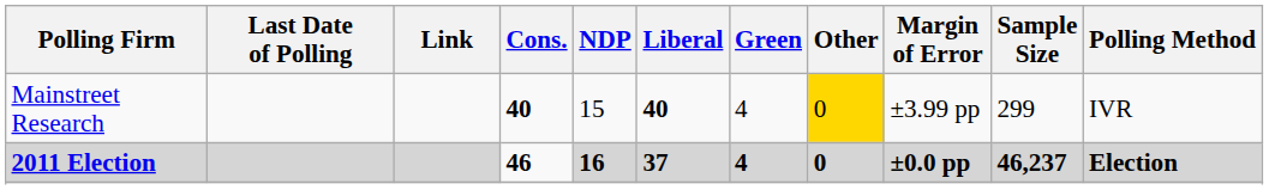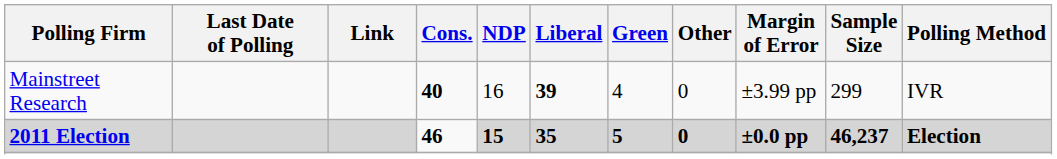 <table class="wikitable sortable">
 <tr style="background:#e9e9e9;">
 <th style="width:120px">Polling Firm</th>
 <th style="width:110px">Last Date<br>of Polling</th>
 <th style="width:60px" class="unsortable">Link</th>
 <th style="background-color:"><strong><a href='#'>Cons.</a></strong></th>
 <th style="background-color:"><strong><a href='#'>NDP</a></strong></th>
 <th style="background-color:"><strong><a href='#'>Liberal</a></strong></th>
 <th style="background-color:"><strong><a href='#'>Green</a></strong></th>
 <th style="background-color:"><strong>Other</strong></th>
 <th style="width:60px;" class=unsortable>Margin<br>of Error</th>
 <th style="width:50px;" class=unsortable>Sample<br>Size</th>
 <th class=unsortable>Polling Method</th>
 </tr>
 <tr>
 <td><a href='#'>Mainstreet Research</a></td>
 <td></td>
 <td></td>
 <td><strong>40</strong></td>
-<td>15</td>
-<td><strong>40</strong></td>
+<td>16</td>
+<td><strong>39</strong></td>
 <td>4</td>
-<td style="background: gold;">0</td>
+<td>0</td>
 <td>±3.99 pp</td>
 <td>299</td>
 <td>IVR</td>
 </tr>
 <tr>
 <td style="background:#D5D5D5"><strong><a href='#'>2011 Election</a></strong></td>
 <td style="background:#D5D5D5"><strong></strong></td>
 <td style="background:#D5D5D5"></td>
 <td><strong>46</strong></td>
-<td style="background:#D5D5D5"><strong>16</strong></td>
-<td style="background:#D5D5D5"><strong>37</strong></td>
-<td style="background:#D5D5D5"><strong>4</strong></td>
+<td style="background:#D5D5D5"><strong>15</strong></td>
+<td style="background:#D5D5D5"><strong>35</strong></td>
+<td style="background:#D5D5D5"><strong>5</strong></td>
 <td style="background:#D5D5D5"><strong>0</strong></td>
 <td style="background:#D5D5D5"><strong>±0.0 pp</strong></td>
 <td style="background:#D5D5D5"><strong>46,237</strong></td>
 <td style="background:#D5D5D5"><strong>Election</strong></td>
 </tr>
 <tr>
 </tr>
 <tr>
 </tr>
 </table>
